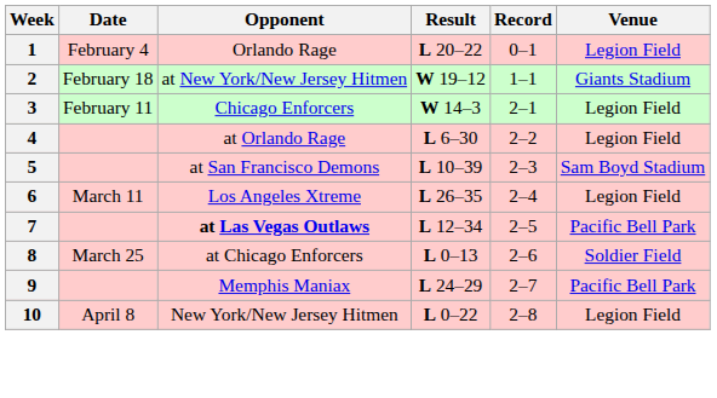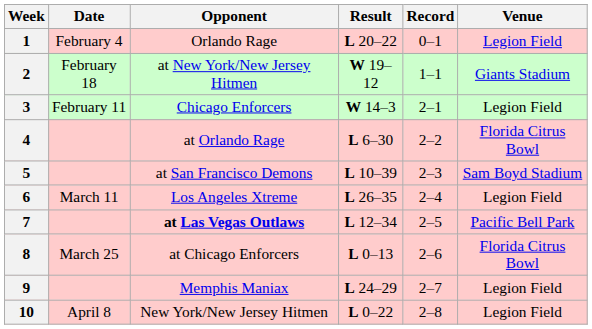 <table class="wikitable" style="text-align:center">
 <tr>
 <th>Week</th>
 <th>Date</th>
 <th>Opponent</th>
 <th>Result</th>
 <th>Record</th>
 <th>Venue</th>
 </tr>
 <tr style="background:#fcc">
 <th>1</th>
 <td>February 4</td>
 <td>Orlando Rage</td>
 <td><strong>L</strong> 20–22</td>
 <td>0–1</td>
 <td><a href='#'>Legion Field</a></td>
 </tr>
 <tr style="background:#cfc">
 <th>2</th>
 <td>February 18</td>
 <td>at <a href='#'>New York/New Jersey Hitmen</a></td>
 <td><strong>W</strong> 19–12</td>
 <td>1–1</td>
 <td><a href='#'>Giants Stadium</a></td>
 </tr>
 <tr style="background:#cfc">
 <th>3</th>
 <td>February 11</td>
 <td><a href='#'>Chicago Enforcers</a></td>
 <td><strong>W</strong> 14–3</td>
 <td>2–1</td>
 <td>Legion Field</td>
 </tr>
 <tr style="background:#fcc">
 <th>4</th>
 <td></td>
 <td>at <a href='#'>Orlando Rage</a></td>
 <td><strong>L</strong> 6–30</td>
 <td>2–2</td>
-<td>Legion Field</td>
+<td><a href='#'>Florida Citrus Bowl</a></td>
 </tr>
 <tr style="background:#fcc">
 <th>5</th>
 <td></td>
 <td>at <a href='#'>San Francisco Demons</a></td>
 <td><strong>L</strong> 10–39</td>
 <td>2–3</td>
 <td><a href='#'>Sam Boyd Stadium</a></td>
 </tr>
 <tr style="background:#fcc">
 <th>6</th>
 <td>March 11</td>
 <td><a href='#'>Los Angeles Xtreme</a></td>
 <td><strong>L</strong> 26–35</td>
 <td>2–4</td>
 <td>Legion Field</td>
 </tr>
 <tr style="background:#fcc">
 <th>7</th>
 <td></td>
 <td><strong>at <a href='#'>Las Vegas Outlaws</a></strong></td>
 <td><strong>L</strong> 12–34</td>
 <td>2–5</td>
 <td><a href='#'>Pacific Bell Park</a></td>
 </tr>
 <tr style="background:#fcc">
 <th>8</th>
 <td>March 25</td>
 <td>at Chicago Enforcers</td>
 <td><strong>L</strong> 0–13</td>
 <td>2–6</td>
-<td><a href='#'>Soldier Field</a></td>
+<td><a href='#'>Florida Citrus Bowl</a></td>
 </tr>
 <tr style="background:#fcc">
 <th>9</th>
 <td></td>
 <td><a href='#'>Memphis Maniax</a></td>
 <td><strong>L</strong> 24–29</td>
 <td>2–7</td>
-<td><a href='#'>Pacific Bell Park</a></td>
+<td>Legion Field</td>
 </tr>
 <tr style="background:#fcc">
 <th>10</th>
 <td>April 8</td>
 <td>New York/New Jersey Hitmen</td>
 <td><strong>L</strong> 0–22</td>
 <td>2–8</td>
 <td>Legion Field</td>
 </tr>
 </table>
